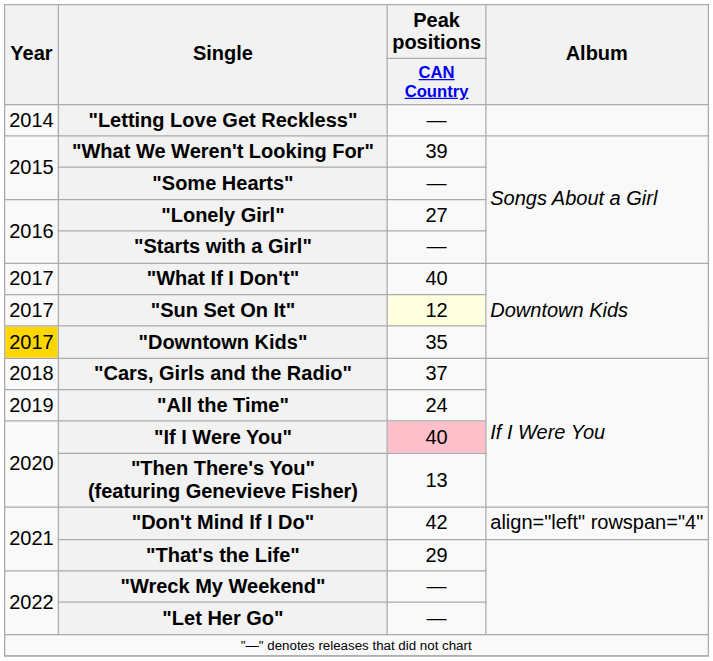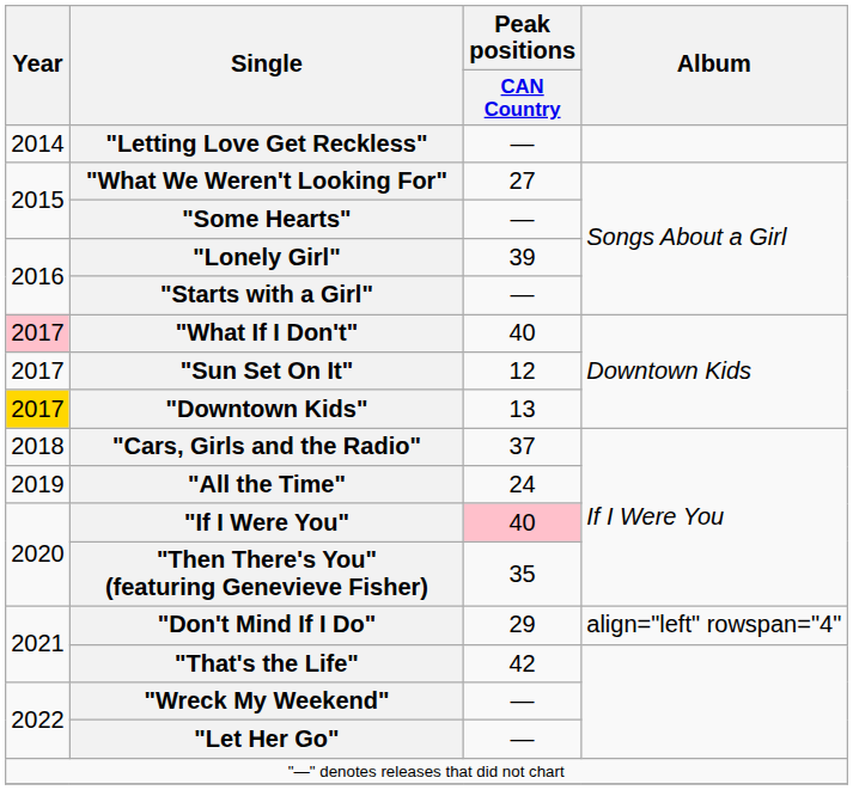 <table class="wikitable plainrowheaders" style="text-align:center;">
 <tr>
 <th rowspan="2">Year</th>
 <th rowspan="2" style="width:16em;">Single</th>
 <th>Peak<br>positions</th>
 <th rowspan="2">Album</th>
 </tr>
 <tr style="font-size:smaller;">
 <th><a href='#'>CAN<br>Country</a><br></th>
 </tr>
 <tr>
 <td>2014</td>
 <th scope="row">"Letting Love Get Reckless"</th>
 <td>—</td>
 <td></td>
 </tr>
 <tr>
 <td rowspan="2">2015</td>
 <th scope="row">"What We Weren't Looking For"</th>
-<td>39</td>
+<td>27</td>
 <td align="left" rowspan="4"><em>Songs About a Girl</em></td>
 </tr>
 <tr>
 <th scope="row">"Some Hearts"</th>
 <td>—</td>
 </tr>
 <tr>
 <td rowspan="2">2016</td>
 <th scope="row">"Lonely Girl"</th>
-<td>27</td>
+<td>39</td>
 </tr>
 <tr>
 <th scope="row">"Starts with a Girl"</th>
 <td>—</td>
 </tr>
 <tr>
-<td>2017</td>
+<td style="background: pink;">2017</td>
 <th scope="row">"What If I Don't"</th>
 <td>40</td>
 <td align="left" rowspan="3"><em>Downtown Kids</em></td>
 </tr>
 <tr>
 <td>2017</td>
 <th scope="row">"Sun Set On It"</th>
-<td style="background: lightyellow;">12</td>
+<td>12</td>
 </tr>
 <tr>
 <td style="background: gold;">2017</td>
 <th scope="row">"Downtown Kids"</th>
-<td>35</td>
+<td>13</td>
 </tr>
 <tr>
 <td>2018</td>
 <th scope="row">"Cars, Girls and the Radio"</th>
 <td>37</td>
 <td align="left" rowspan="4"><em>If I Were You</em></td>
 </tr>
 <tr>
 <td>2019</td>
 <th scope="row">"All the Time"</th>
 <td>24</td>
 </tr>
 <tr>
 <td rowspan="2">2020</td>
 <th scope="row">"If I Were You"</th>
 <td style="background: pink;">40</td>
 </tr>
 <tr>
 <th scope="row">"Then There's You"<br>(featuring Genevieve Fisher)</th>
-<td>13</td>
+<td>35</td>
 </tr>
 <tr>
 <td rowspan="2">2021</td>
 <th scope="row">"Don't Mind If I Do"</th>
-<td>42</td>
+<td>29</td>
 <td>align="left" rowspan="4" </td>
 </tr>
 <tr>
 <th scope="row">"That's the Life"</th>
-<td>29</td>
+<td>42</td>
 </tr>
 <tr>
 <td rowspan="2">2022</td>
 <th scope="row">"Wreck My Weekend"</th>
 <td>—</td>
 </tr>
 <tr>
 <th scope="row">"Let Her Go"</th>
 <td>—</td>
 </tr>
 <tr>
 <td colspan="4" style="font-size:8pt">"—" denotes releases that did not chart</td>
 </tr>
 <tr>
 </tr>
 </table>
